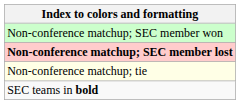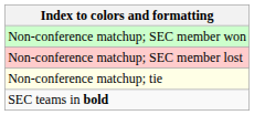 <table class="wikitable">
 <tr>
 <th>Index to colors and formatting</th>
 </tr>
 <tr bgcolor=#ccffcc>
 <td>Non-conference matchup; SEC member won</td>
 </tr>
 <tr bgcolor=#ffcccc>
-<td><strong>Non-conference matchup; SEC member lost</strong></td>
+<td>Non-conference matchup; SEC member lost</td>
 </tr>
 <tr bgcolor=#ffffe6>
 <td>Non-conference matchup; tie</td>
 </tr>
 <tr>
 <td>SEC teams in <strong>bold</strong></td>
 </tr>
 </table>
